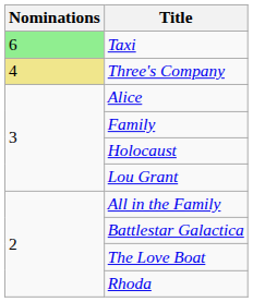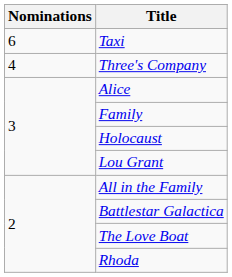 <table class="wikitable">
 <tr>
 <th>Nominations</th>
 <th>Title</th>
 </tr>
 <tr>
-<td style="background: lightgreen;">6</td>
+<td>6</td>
 <td><em><a href='#'>Taxi</a></em></td>
 </tr>
 <tr>
-<td style="background: khaki;">4</td>
+<td>4</td>
 <td><em><a href='#'>Three's Company</a></em></td>
 </tr>
 <tr>
 <td rowspan="4">3</td>
 <td><em><a href='#'>Alice</a></em></td>
 </tr>
 <tr>
 <td><em><a href='#'>Family</a></em></td>
 </tr>
 <tr>
 <td><em><a href='#'>Holocaust</a></em></td>
 </tr>
 <tr>
 <td><em><a href='#'>Lou Grant</a></em></td>
 </tr>
 <tr>
 <td rowspan="4">2</td>
 <td><em><a href='#'>All in the Family</a></em></td>
 </tr>
 <tr>
 <td><em><a href='#'>Battlestar Galactica</a></em></td>
 </tr>
 <tr>
 <td><em><a href='#'>The Love Boat</a></em></td>
 </tr>
 <tr>
 <td><em><a href='#'>Rhoda</a></em></td>
 </tr>
 </table>
